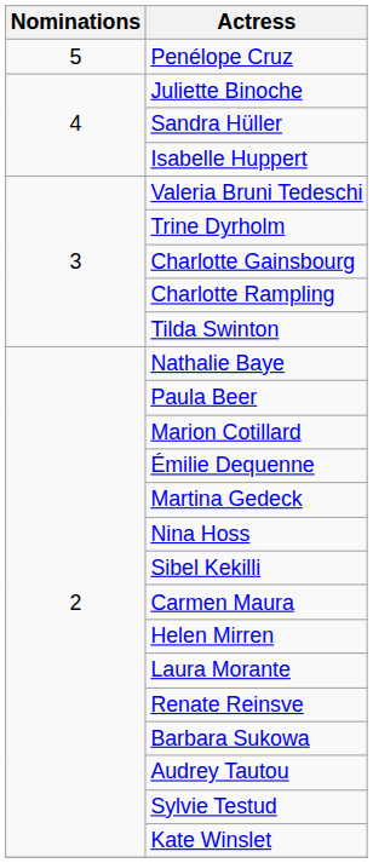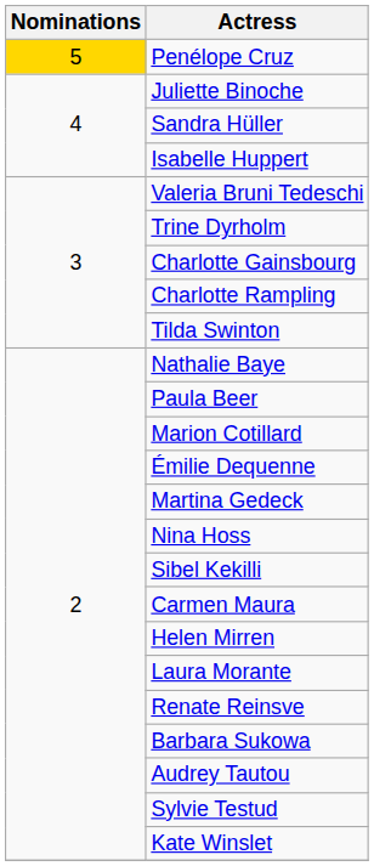 <table class="wikitable sortable">
 <tr>
 <th>Nominations</th>
 <th>Actress</th>
 </tr>
 <tr>
-<td rowspan="1" style="text-align:center">5</td>
+<td rowspan="1" style="background: gold; text-align:center">5</td>
 <td><a href='#'>Penélope Cruz</a></td>
 </tr>
 <tr>
 <td rowspan="3" style="text-align:center">4</td>
 <td><a href='#'>Juliette Binoche</a></td>
 </tr>
 <tr>
 <td><a href='#'>Sandra Hüller</a></td>
 </tr>
 <tr>
 <td><a href='#'>Isabelle Huppert</a></td>
 </tr>
 <tr>
 <td rowspan="5" style="text-align:center">3</td>
 <td><a href='#'>Valeria Bruni Tedeschi</a></td>
 </tr>
 <tr>
 <td><a href='#'>Trine Dyrholm</a></td>
 </tr>
 <tr>
 <td><a href='#'>Charlotte Gainsbourg</a></td>
 </tr>
 <tr>
 <td><a href='#'>Charlotte Rampling</a></td>
 </tr>
 <tr>
 <td><a href='#'>Tilda Swinton</a></td>
 </tr>
 <tr>
 <td rowspan="15" style="text-align:center">2</td>
 <td><a href='#'>Nathalie Baye</a></td>
 </tr>
 <tr>
 <td><a href='#'>Paula Beer</a></td>
 </tr>
 <tr>
 <td><a href='#'>Marion Cotillard</a></td>
 </tr>
 <tr>
 <td><a href='#'>Émilie Dequenne</a></td>
 </tr>
 <tr>
 <td><a href='#'>Martina Gedeck</a></td>
 </tr>
 <tr>
 <td><a href='#'>Nina Hoss</a></td>
 </tr>
 <tr>
 <td><a href='#'>Sibel Kekilli</a></td>
 </tr>
 <tr>
 <td><a href='#'>Carmen Maura</a></td>
 </tr>
 <tr>
 <td><a href='#'>Helen Mirren</a></td>
 </tr>
 <tr>
 <td><a href='#'>Laura Morante</a></td>
 </tr>
 <tr>
 <td><a href='#'>Renate Reinsve</a></td>
 </tr>
 <tr>
 <td><a href='#'>Barbara Sukowa</a></td>
 </tr>
 <tr>
 <td><a href='#'>Audrey Tautou</a></td>
 </tr>
 <tr>
 <td><a href='#'>Sylvie Testud</a></td>
 </tr>
 <tr>
 <td><a href='#'>Kate Winslet</a></td>
 </tr>
 <tr>
 </tr>
 </table>
